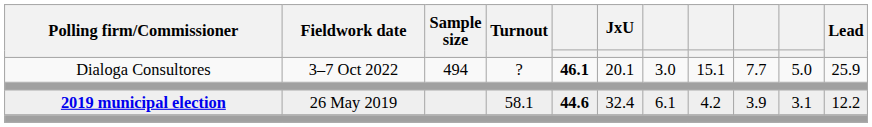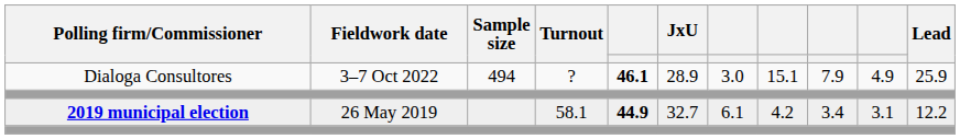 <table class="wikitable collapsible collapsed" style="text-align:center; font-size:95%; line-height:16px;">
 <tr style="height:42px;">
 <th style="width:250px;" rowspan="2">Polling firm/Commissioner</th>
 <th style="width:125px;" rowspan="2">Fieldwork date</th>
 <th style="width:50px;" rowspan="2">Sample size</th>
 <th style="width:45px;" rowspan="2">Turnout</th>
 <th style="width:35px;"></th>
 <th style="width:35px;">JxU</th>
 <th style="width:35px;"></th>
 <th style="width:35px;"></th>
 <th style="width:35px;"></th>
 <th style="width:35px;"></th>
 <th style="width:30px;" rowspan="2">Lead</th>
 </tr>
 <tr>
 <th style="color:inherit;background:"></th>
 <th style="color:inherit;background:"></th>
 <th style="color:inherit;background:"></th>
 <th style="color:inherit;background:"></th>
 <th style="color:inherit;background:"></th>
 <th style="color:inherit;background:"></th>
 </tr>
 <tr>
 <td>Dialoga Consultores</td>
 <td>3–7 Oct 2022</td>
 <td>494</td>
 <td>?</td>
 <td><strong>46.1</strong><br></td>
-<td>20.1<br></td>
+<td>28.9<br></td>
 <td>3.0<br></td>
 <td>15.1<br></td>
-<td>7.7<br></td>
-<td>5.0<br></td>
+<td>7.9<br></td>
+<td>4.9<br></td>
 <td style="background:">25.9</td>
 </tr>
 <tr>
 <td colspan="12" style="background:#A0A0A0"></td>
 </tr>
 <tr style="background:#EFEFEF;">
 <td><strong><a href='#'>2019 municipal election</a></strong></td>
 <td>26 May 2019</td>
 <td></td>
 <td>58.1</td>
-<td><strong>44.6</strong><br></td>
-<td>32.4<br></td>
+<td><strong>44.9</strong><br></td>
+<td>32.7<br></td>
 <td>6.1<br></td>
 <td>4.2<br></td>
-<td>3.9<br></td>
+<td>3.4<br></td>
 <td>3.1<br></td>
 <td style="background:">12.2</td>
 </tr>
 <tr>
 <td colspan="12" style="background:#A0A0A0"></td>
 </tr>
 </table>
